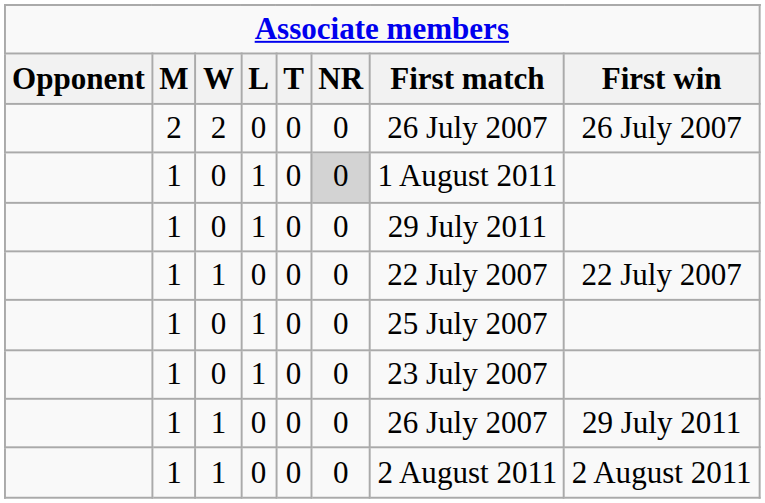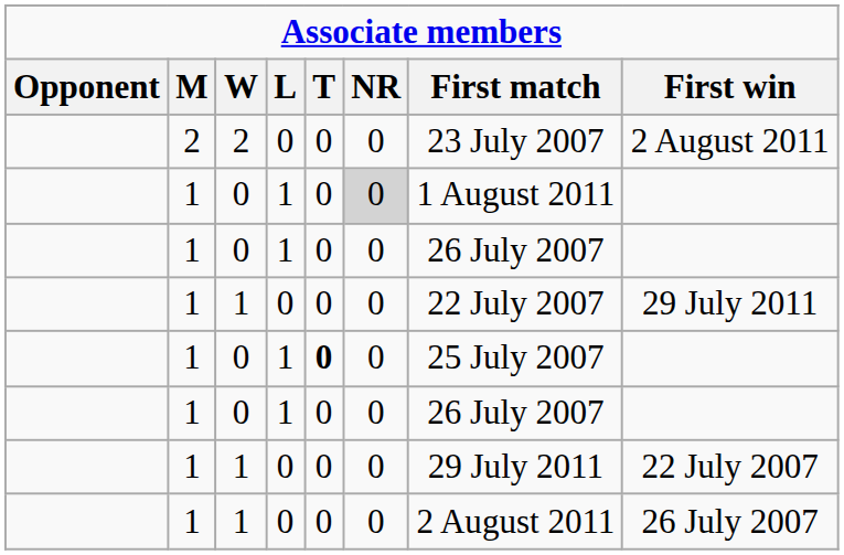 <table class="wikitable" style="text-align: center;">
 <tr>
 </tr>
 <tr>
 <td colspan="30" style="text-align: center;"><strong><a href='#'>Associate members</a></strong></td>
 </tr>
 <tr>
 <th>Opponent</th>
 <th>M</th>
 <th>W</th>
 <th>L</th>
 <th>T</th>
 <th>NR</th>
 <th>First match</th>
 <th>First win</th>
 </tr>
 <tr>
 <td></td>
 <td>2</td>
 <td>2</td>
 <td>0</td>
 <td>0</td>
 <td>0</td>
-<td>26 July 2007</td>
-<td>26 July 2007</td>
+<td>23 July 2007</td>
+<td>2 August 2011</td>
 </tr>
 <tr>
 <td></td>
 <td>1</td>
 <td>0</td>
 <td>1</td>
 <td>0</td>
 <td style="background: lightgrey;">0</td>
 <td>1 August 2011</td>
 <td></td>
 </tr>
 <tr>
 <td></td>
 <td>1</td>
 <td>0</td>
 <td>1</td>
 <td>0</td>
 <td>0</td>
-<td>29 July 2011</td>
+<td>26 July 2007</td>
 <td></td>
 </tr>
 <tr>
 <td></td>
 <td>1</td>
 <td>1</td>
 <td>0</td>
 <td>0</td>
 <td>0</td>
 <td>22 July 2007</td>
-<td>22 July 2007</td>
+<td>29 July 2011</td>
 </tr>
 <tr>
 <td></td>
 <td>1</td>
 <td>0</td>
 <td>1</td>
-<td>0</td>
+<td><strong>0</strong></td>
 <td>0</td>
 <td>25 July 2007</td>
 <td></td>
 </tr>
 <tr>
 <td></td>
 <td>1</td>
 <td>0</td>
 <td>1</td>
 <td>0</td>
 <td>0</td>
-<td>23 July 2007</td>
+<td>26 July 2007</td>
 <td></td>
 </tr>
 <tr>
 <td></td>
 <td>1</td>
 <td>1</td>
 <td>0</td>
 <td>0</td>
 <td>0</td>
-<td>26 July 2007</td>
 <td>29 July 2011</td>
+<td>22 July 2007</td>
 </tr>
 <tr>
 <td></td>
 <td>1</td>
 <td>1</td>
 <td>0</td>
 <td>0</td>
 <td>0</td>
 <td>2 August 2011</td>
-<td>2 August 2011</td>
+<td>26 July 2007</td>
 </tr>
 </table>
